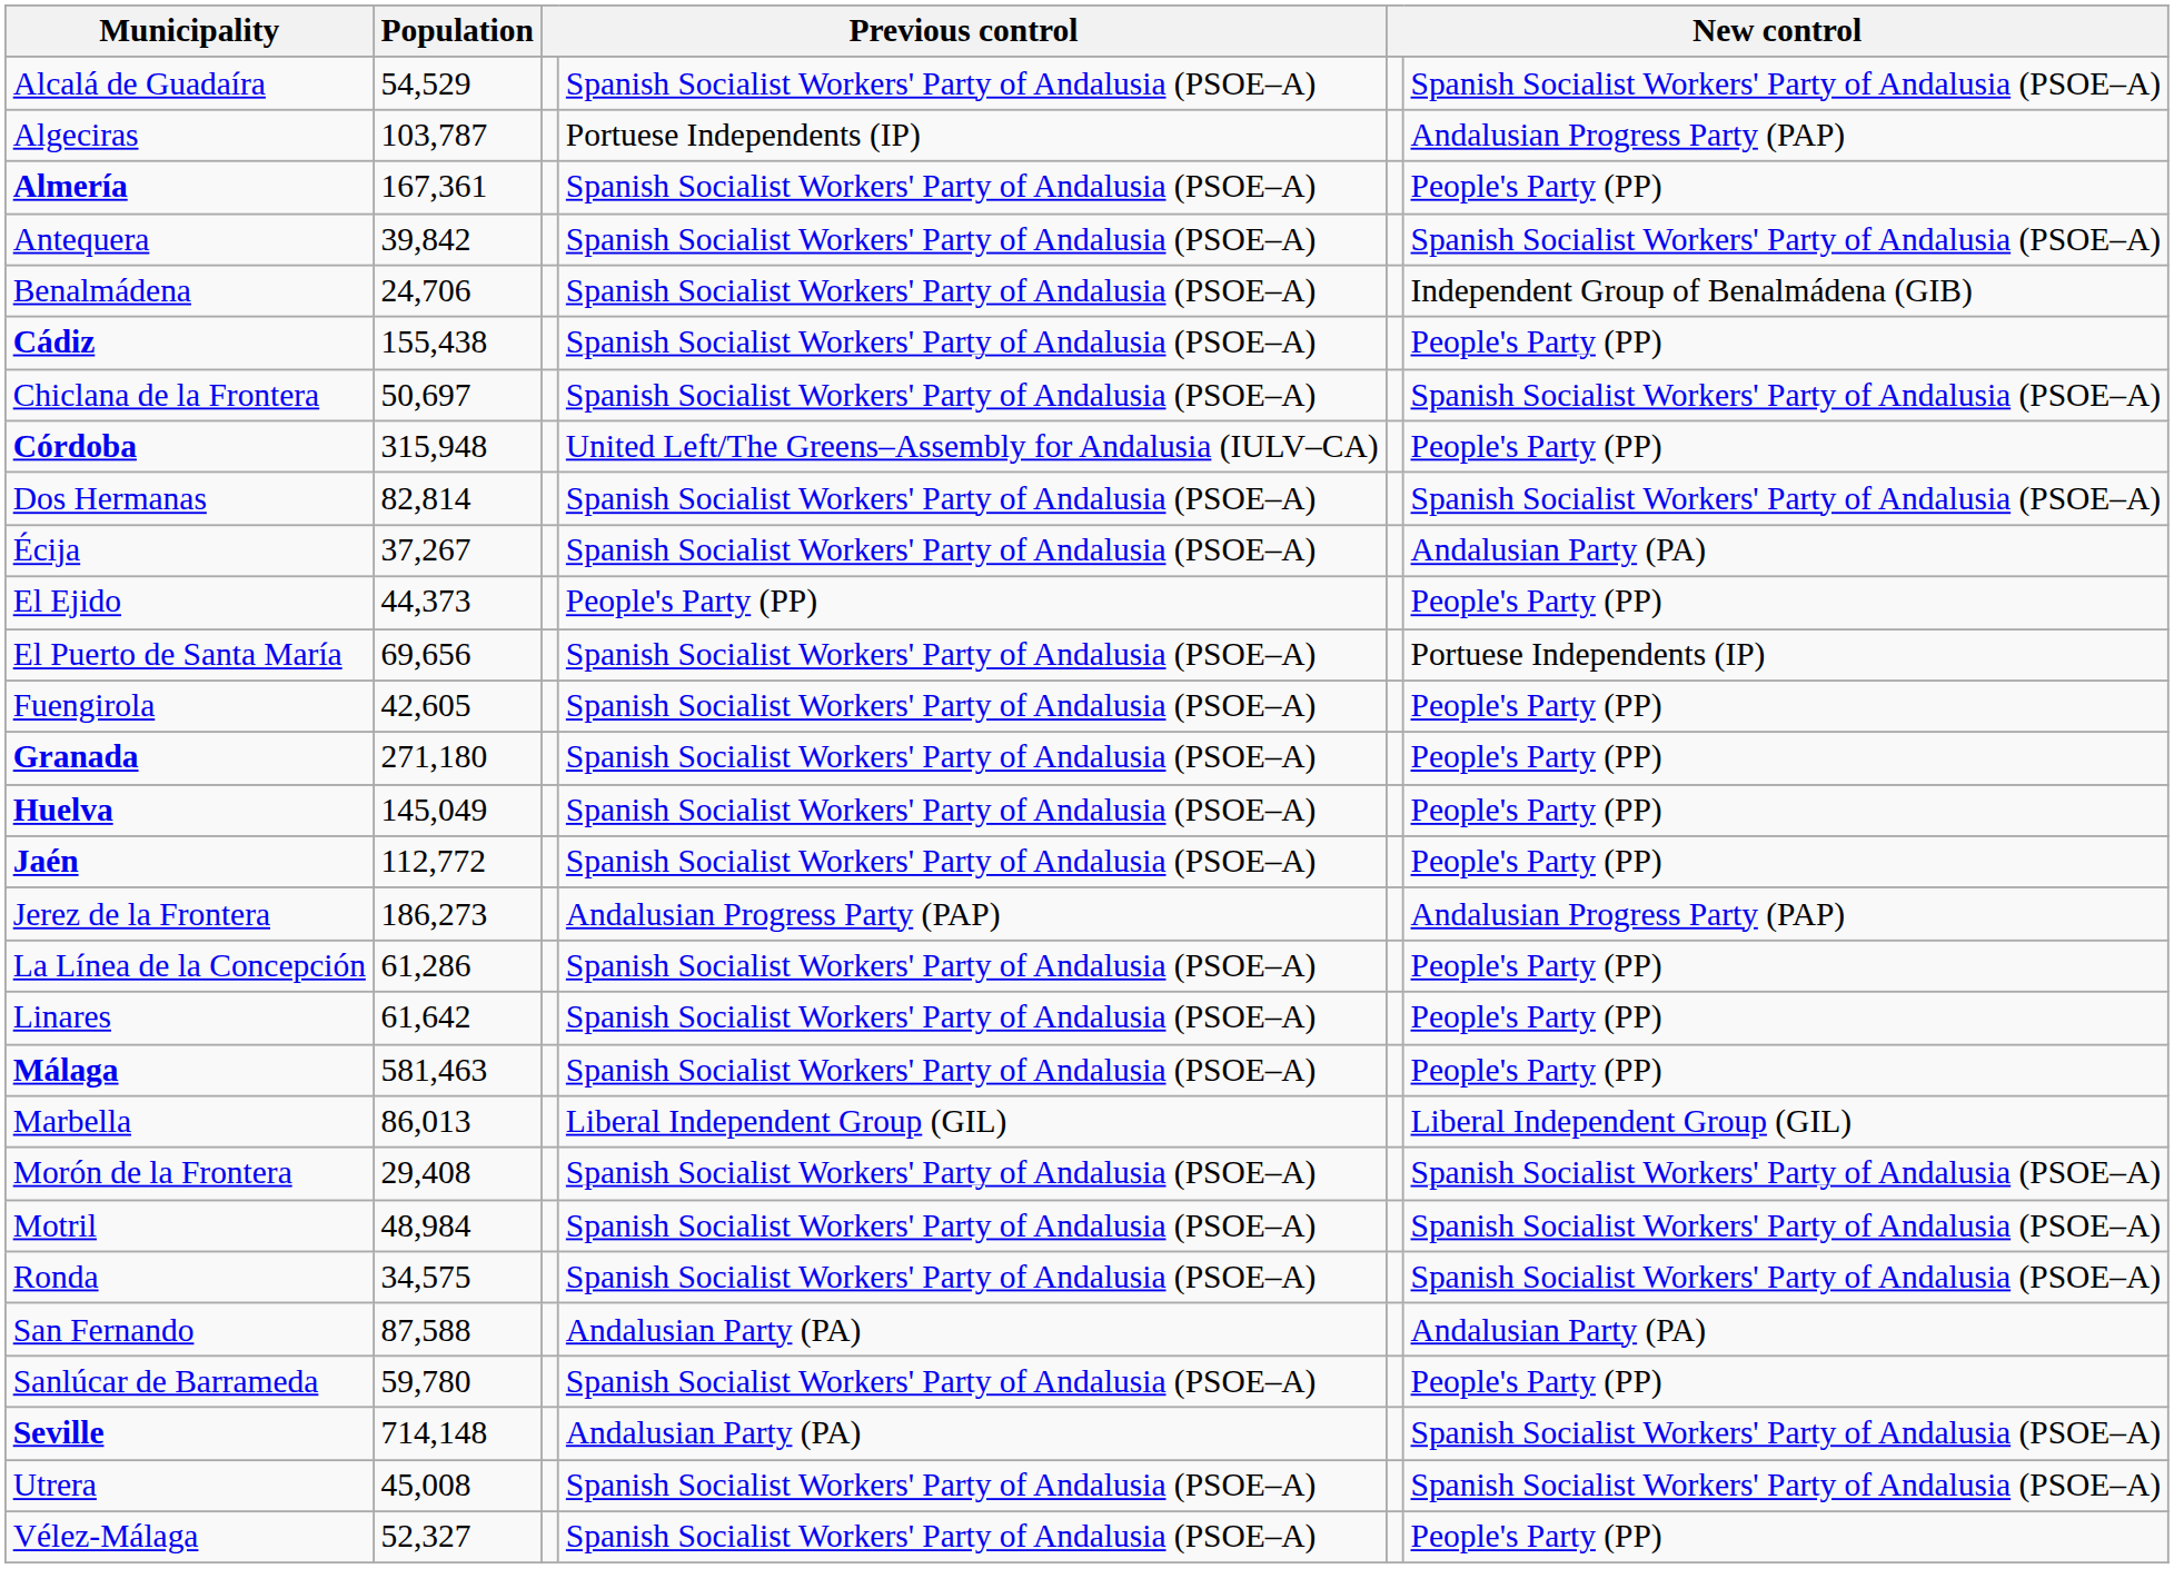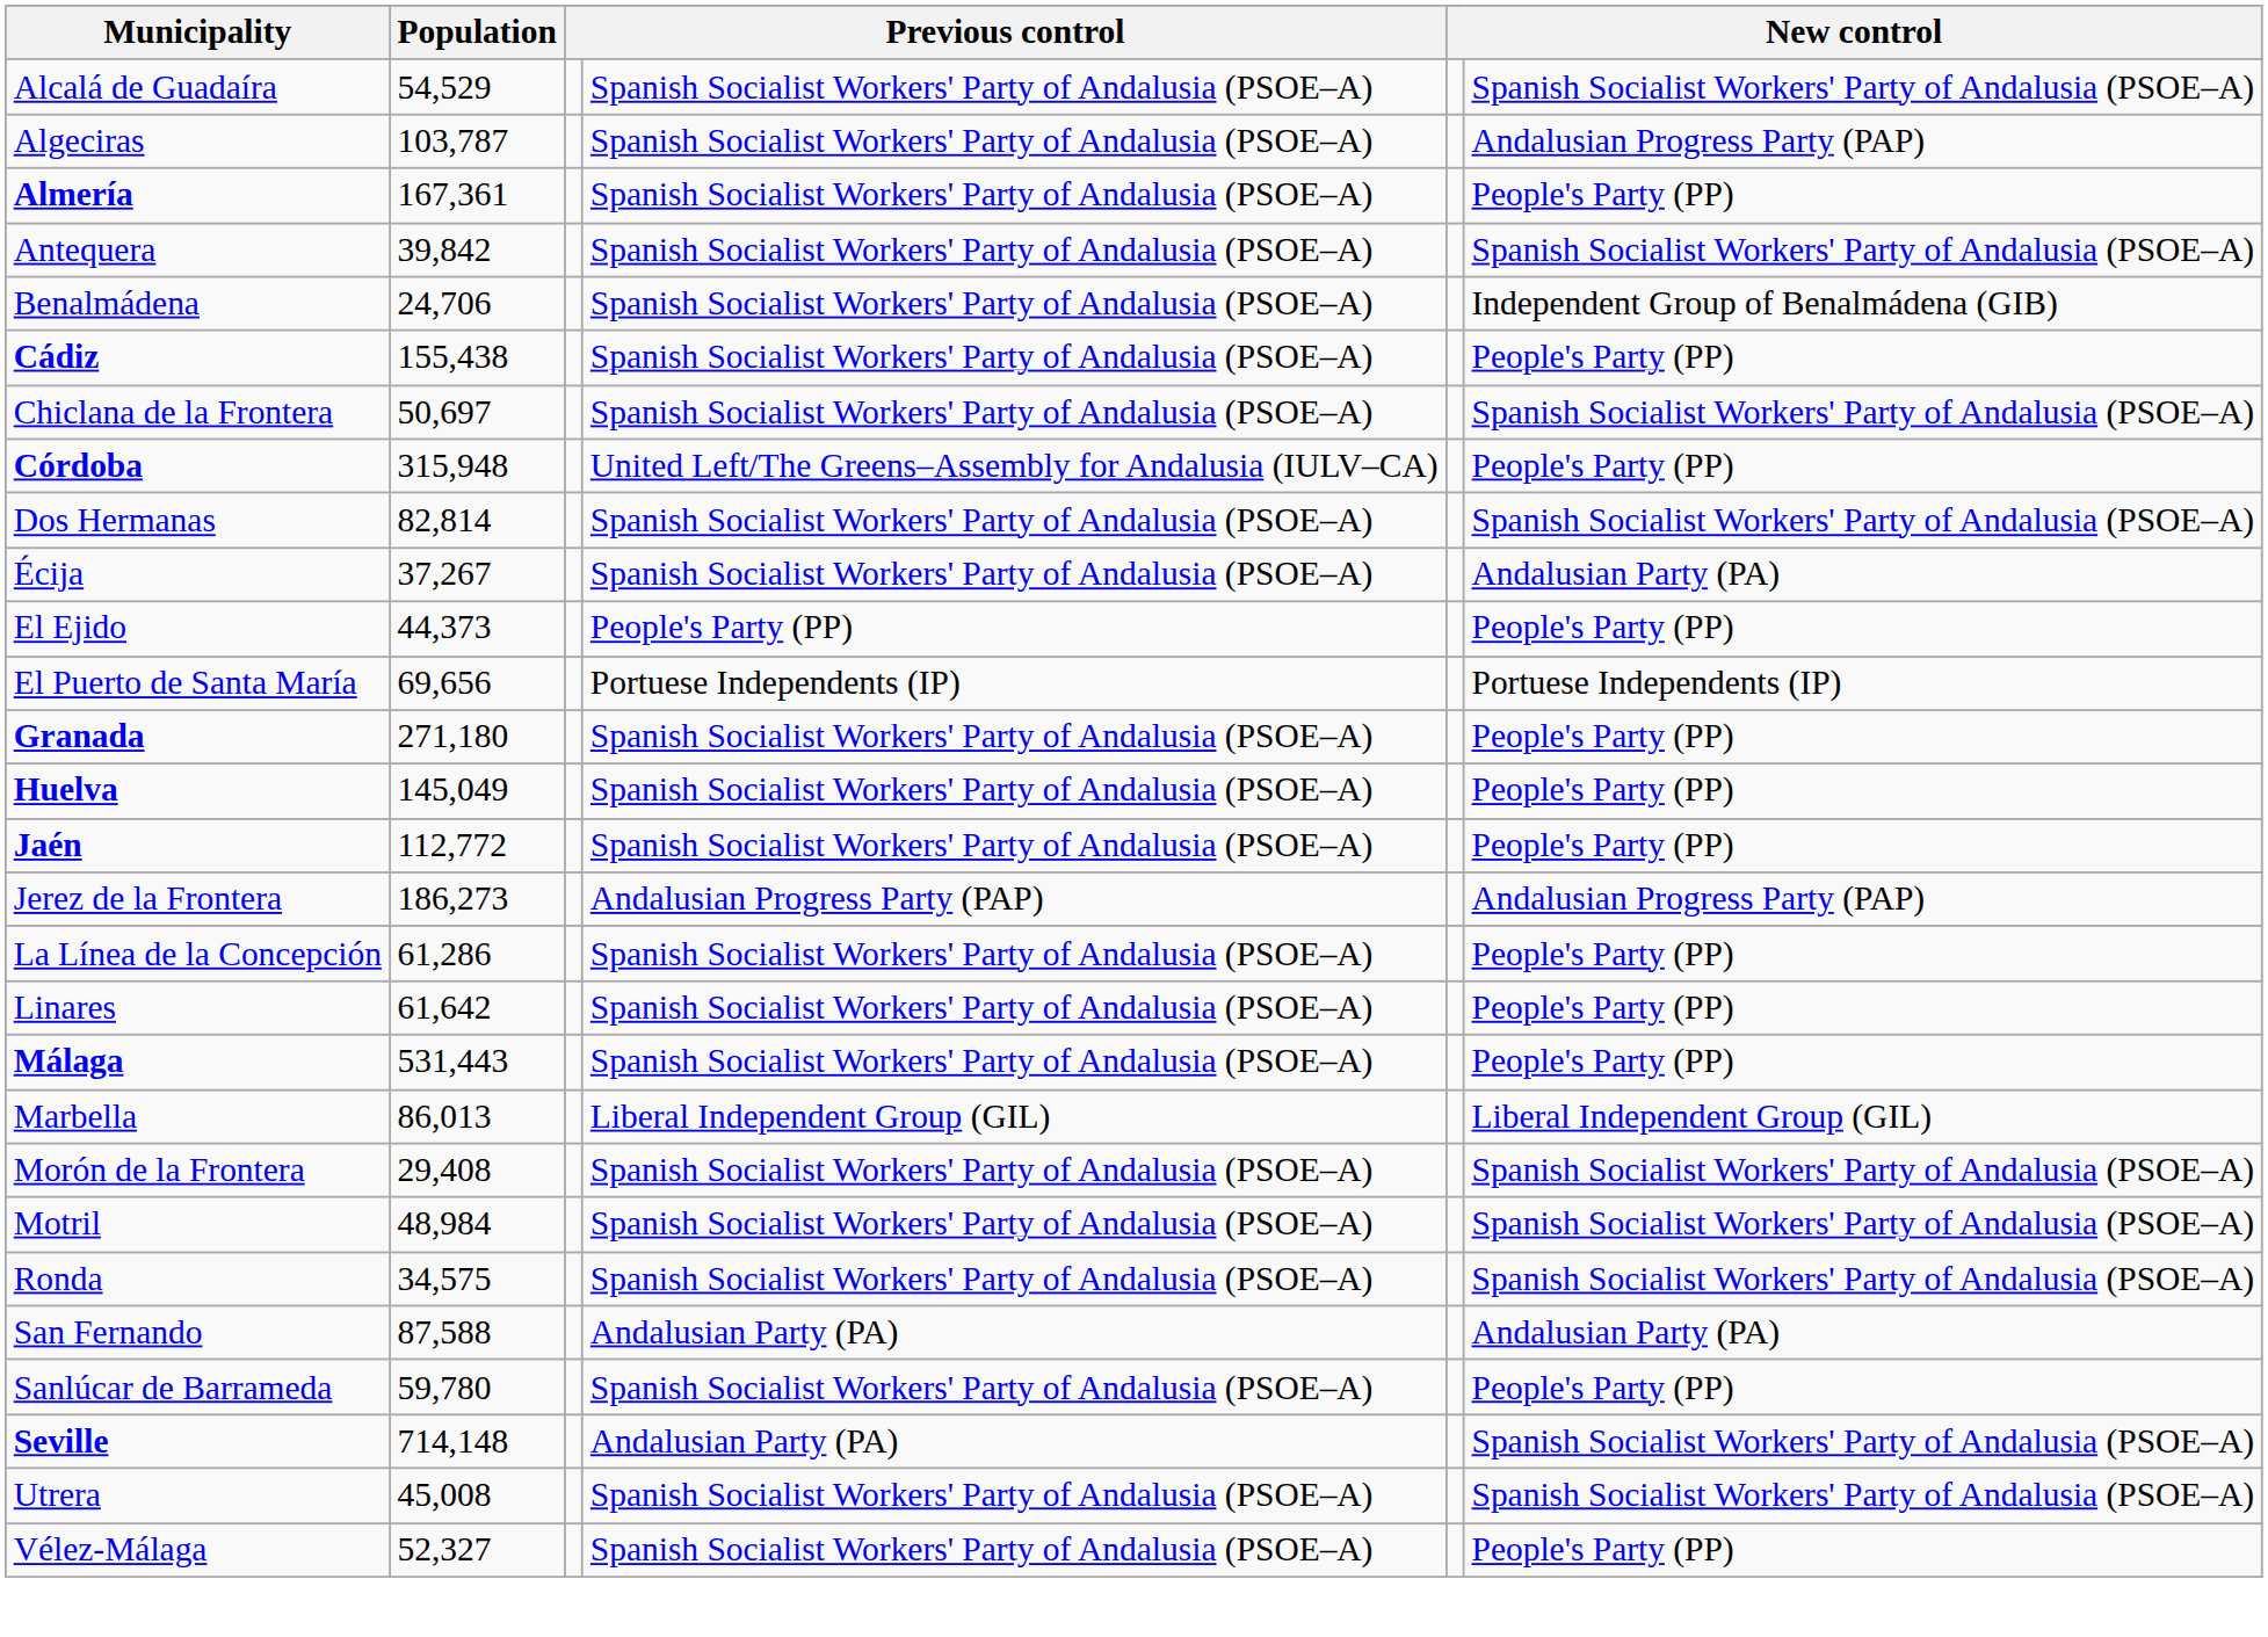 <table class="wikitable sortable">
 <tr>
 <th>Municipality</th>
 <th>Population</th>
 <th colspan="2" style="width:375px;">Previous control</th>
 <th colspan="2" style="width:375px;">New control</th>
 </tr>
 <tr>
 <td><a href='#'>Alcalá de Guadaíra</a></td>
 <td>54,529</td>
 <td width="1" style="color:inherit;background:"></td>
 <td><a href='#'>Spanish Socialist Workers' Party of Andalusia</a> (PSOE–A)</td>
 <td width="1" style="color:inherit;background:"></td>
 <td><a href='#'>Spanish Socialist Workers' Party of Andalusia</a> (PSOE–A)</td>
 </tr>
 <tr>
 <td><a href='#'>Algeciras</a></td>
 <td>103,787</td>
 <td style="color:inherit;background:"></td>
-<td>Portuese Independents (IP)</td>
+<td><a href='#'>Spanish Socialist Workers' Party of Andalusia</a> (PSOE–A)</td>
 <td style="color:inherit;background:"></td>
 <td><a href='#'>Andalusian Progress Party</a> (PAP) </td>
 </tr>
 <tr>
 <td><strong><a href='#'>Almería</a></strong></td>
 <td>167,361</td>
 <td style="color:inherit;background:"></td>
 <td><a href='#'>Spanish Socialist Workers' Party of Andalusia</a> (PSOE–A)</td>
 <td style="color:inherit;background:"></td>
 <td><a href='#'>People's Party</a> (PP)</td>
 </tr>
 <tr>
 <td><a href='#'>Antequera</a></td>
 <td>39,842</td>
 <td style="color:inherit;background:"></td>
 <td><a href='#'>Spanish Socialist Workers' Party of Andalusia</a> (PSOE–A)</td>
 <td style="color:inherit;background:"></td>
 <td><a href='#'>Spanish Socialist Workers' Party of Andalusia</a> (PSOE–A)</td>
 </tr>
 <tr>
 <td><a href='#'>Benalmádena</a></td>
 <td>24,706</td>
 <td style="color:inherit;background:"></td>
 <td><a href='#'>Spanish Socialist Workers' Party of Andalusia</a> (PSOE–A)</td>
 <td style="color:inherit;background:"></td>
 <td>Independent Group of Benalmádena (GIB)</td>
 </tr>
 <tr>
 <td><strong><a href='#'>Cádiz</a></strong></td>
 <td>155,438</td>
 <td style="color:inherit;background:"></td>
 <td><a href='#'>Spanish Socialist Workers' Party of Andalusia</a> (PSOE–A)</td>
 <td style="color:inherit;background:"></td>
 <td><a href='#'>People's Party</a> (PP)</td>
 </tr>
 <tr>
 <td><a href='#'>Chiclana de la Frontera</a></td>
 <td>50,697</td>
 <td style="color:inherit;background:"></td>
 <td><a href='#'>Spanish Socialist Workers' Party of Andalusia</a> (PSOE–A)</td>
 <td style="color:inherit;background:"></td>
 <td><a href='#'>Spanish Socialist Workers' Party of Andalusia</a> (PSOE–A)</td>
 </tr>
 <tr>
 <td><strong><a href='#'>Córdoba</a></strong></td>
 <td>315,948</td>
 <td style="color:inherit;background:"></td>
 <td><a href='#'>United Left/The Greens–Assembly for Andalusia</a> (IULV–CA)</td>
 <td style="color:inherit;background:"></td>
 <td><a href='#'>People's Party</a> (PP)</td>
 </tr>
 <tr>
 <td><a href='#'>Dos Hermanas</a></td>
 <td>82,814</td>
 <td style="color:inherit;background:"></td>
 <td><a href='#'>Spanish Socialist Workers' Party of Andalusia</a> (PSOE–A)</td>
 <td style="color:inherit;background:"></td>
 <td><a href='#'>Spanish Socialist Workers' Party of Andalusia</a> (PSOE–A)</td>
 </tr>
 <tr>
 <td><a href='#'>Écija</a></td>
 <td>37,267</td>
 <td style="color:inherit;background:"></td>
 <td><a href='#'>Spanish Socialist Workers' Party of Andalusia</a> (PSOE–A)</td>
 <td style="color:inherit;background:"></td>
 <td><a href='#'>Andalusian Party</a> (PA)</td>
 </tr>
 <tr>
 <td><a href='#'>El Ejido</a></td>
 <td>44,373</td>
 <td style="color:inherit;background:"></td>
 <td><a href='#'>People's Party</a> (PP)</td>
 <td style="color:inherit;background:"></td>
 <td><a href='#'>People's Party</a> (PP)</td>
 </tr>
 <tr>
 <td><a href='#'>El Puerto de Santa María</a></td>
 <td>69,656</td>
 <td style="color:inherit;background:"></td>
-<td><a href='#'>Spanish Socialist Workers' Party of Andalusia</a> (PSOE–A)</td>
+<td>Portuese Independents (IP)</td>
 <td style="color:inherit;background:"></td>
 <td>Portuese Independents (IP)</td>
-</tr>
-<tr>
-<td><a href='#'>Fuengirola</a></td>
-<td>42,605</td>
-<td style="color:inherit;background:"></td>
-<td><a href='#'>Spanish Socialist Workers' Party of Andalusia</a> (PSOE–A)</td>
-<td style="color:inherit;background:"></td>
-<td><a href='#'>People's Party</a> (PP)</td>
 </tr>
 <tr>
 <td><strong><a href='#'>Granada</a></strong></td>
 <td>271,180</td>
 <td style="color:inherit;background:"></td>
 <td><a href='#'>Spanish Socialist Workers' Party of Andalusia</a> (PSOE–A)</td>
 <td style="color:inherit;background:"></td>
 <td><a href='#'>People's Party</a> (PP)</td>
 </tr>
 <tr>
 <td><strong><a href='#'>Huelva</a></strong></td>
 <td>145,049</td>
 <td style="color:inherit;background:"></td>
 <td><a href='#'>Spanish Socialist Workers' Party of Andalusia</a> (PSOE–A)</td>
 <td style="color:inherit;background:"></td>
 <td><a href='#'>People's Party</a> (PP)</td>
 </tr>
 <tr>
 <td><strong><a href='#'>Jaén</a></strong></td>
 <td>112,772</td>
 <td style="color:inherit;background:"></td>
 <td><a href='#'>Spanish Socialist Workers' Party of Andalusia</a> (PSOE–A)</td>
 <td style="color:inherit;background:"></td>
 <td><a href='#'>People's Party</a> (PP)</td>
 </tr>
 <tr>
 <td><a href='#'>Jerez de la Frontera</a></td>
 <td>186,273</td>
 <td style="color:inherit;background:"></td>
 <td><a href='#'>Andalusian Progress Party</a> (PAP)</td>
 <td style="color:inherit;background:"></td>
 <td><a href='#'>Andalusian Progress Party</a> (PAP) </td>
 </tr>
 <tr>
 <td><a href='#'>La Línea de la Concepción</a></td>
 <td>61,286</td>
 <td style="color:inherit;background:"></td>
 <td><a href='#'>Spanish Socialist Workers' Party of Andalusia</a> (PSOE–A)</td>
 <td style="color:inherit;background:"></td>
 <td><a href='#'>People's Party</a> (PP)</td>
 </tr>
 <tr>
 <td><a href='#'>Linares</a></td>
 <td>61,642</td>
 <td style="color:inherit;background:"></td>
 <td><a href='#'>Spanish Socialist Workers' Party of Andalusia</a> (PSOE–A)</td>
 <td style="color:inherit;background:"></td>
 <td><a href='#'>People's Party</a> (PP)</td>
 </tr>
 <tr>
 <td><strong><a href='#'>Málaga</a></strong></td>
-<td>581,463</td>
+<td>531,443</td>
 <td style="color:inherit;background:"></td>
 <td><a href='#'>Spanish Socialist Workers' Party of Andalusia</a> (PSOE–A)</td>
 <td style="color:inherit;background:"></td>
 <td><a href='#'>People's Party</a> (PP)</td>
 </tr>
 <tr>
 <td><a href='#'>Marbella</a></td>
 <td>86,013</td>
 <td style="color:inherit;background:"></td>
 <td><a href='#'>Liberal Independent Group</a> (GIL)</td>
 <td style="color:inherit;background:"></td>
 <td><a href='#'>Liberal Independent Group</a> (GIL)</td>
 </tr>
 <tr>
 <td><a href='#'>Morón de la Frontera</a></td>
 <td>29,408</td>
 <td style="color:inherit;background:"></td>
 <td><a href='#'>Spanish Socialist Workers' Party of Andalusia</a> (PSOE–A)</td>
 <td style="color:inherit;background:"></td>
 <td><a href='#'>Spanish Socialist Workers' Party of Andalusia</a> (PSOE–A)</td>
 </tr>
 <tr>
 <td><a href='#'>Motril</a></td>
 <td>48,984</td>
 <td style="color:inherit;background:"></td>
 <td><a href='#'>Spanish Socialist Workers' Party of Andalusia</a> (PSOE–A)</td>
 <td style="color:inherit;background:"></td>
 <td><a href='#'>Spanish Socialist Workers' Party of Andalusia</a> (PSOE–A)</td>
 </tr>
 <tr>
 <td><a href='#'>Ronda</a></td>
 <td>34,575</td>
 <td style="color:inherit;background:"></td>
 <td><a href='#'>Spanish Socialist Workers' Party of Andalusia</a> (PSOE–A)</td>
 <td style="color:inherit;background:"></td>
 <td><a href='#'>Spanish Socialist Workers' Party of Andalusia</a> (PSOE–A)</td>
 </tr>
 <tr>
 <td><a href='#'>San Fernando</a></td>
 <td>87,588</td>
 <td style="color:inherit;background:"></td>
 <td><a href='#'>Andalusian Party</a> (PA)</td>
 <td style="color:inherit;background:"></td>
 <td><a href='#'>Andalusian Party</a> (PA)</td>
 </tr>
 <tr>
 <td><a href='#'>Sanlúcar de Barrameda</a></td>
 <td>59,780</td>
 <td style="color:inherit;background:"></td>
 <td><a href='#'>Spanish Socialist Workers' Party of Andalusia</a> (PSOE–A)</td>
 <td style="color:inherit;background:"></td>
 <td><a href='#'>People's Party</a> (PP)</td>
 </tr>
 <tr>
 <td><strong><a href='#'>Seville</a></strong></td>
 <td>714,148</td>
 <td style="color:inherit;background:"></td>
 <td><a href='#'>Andalusian Party</a> (PA)</td>
 <td style="color:inherit;background:"></td>
 <td><a href='#'>Spanish Socialist Workers' Party of Andalusia</a> (PSOE–A)</td>
 </tr>
 <tr>
 <td><a href='#'>Utrera</a></td>
 <td>45,008</td>
 <td style="color:inherit;background:"></td>
 <td><a href='#'>Spanish Socialist Workers' Party of Andalusia</a> (PSOE–A)</td>
 <td style="color:inherit;background:"></td>
 <td><a href='#'>Spanish Socialist Workers' Party of Andalusia</a> (PSOE–A)</td>
 </tr>
 <tr>
 <td><a href='#'>Vélez-Málaga</a></td>
 <td>52,327</td>
 <td style="color:inherit;background:"></td>
 <td><a href='#'>Spanish Socialist Workers' Party of Andalusia</a> (PSOE–A)</td>
 <td style="color:inherit;background:"></td>
 <td><a href='#'>People's Party</a> (PP) </td>
 </tr>
 </table>
